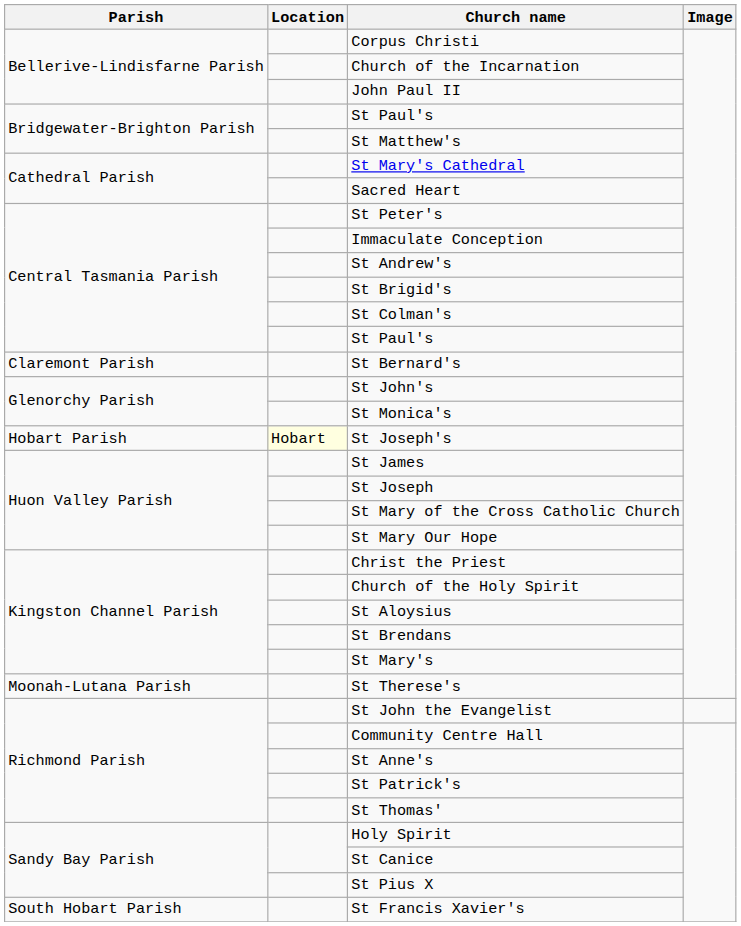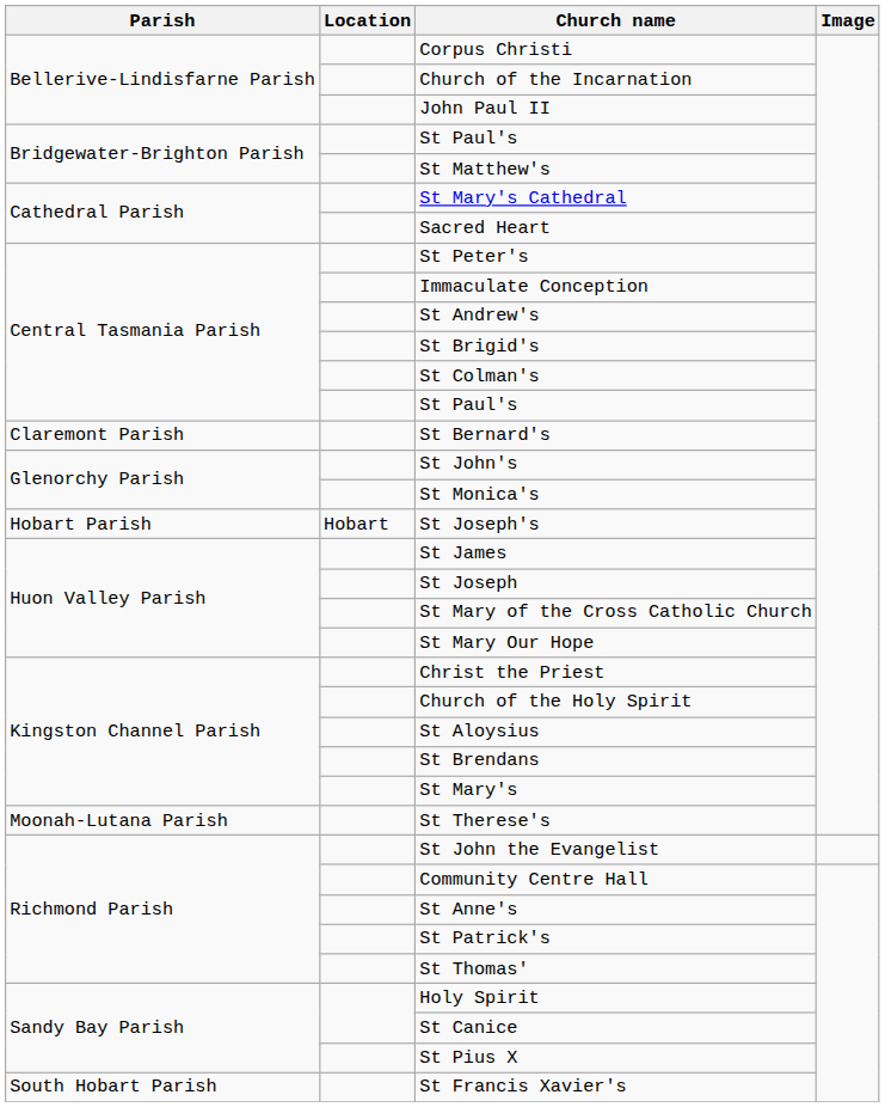 <table class="wikitable sortable">
 <tr>
 <th>Parish</th>
 <th>Location</th>
 <th>Church name</th>
 <th>Image</th>
 </tr>
 <tr>
 <td rowspan=3>Bellerive-Lindisfarne Parish</td>
 <td></td>
 <td>Corpus Christi</td>
 </tr>
 <tr>
 <td></td>
 <td>Church of the Incarnation</td>
 </tr>
 <tr>
 <td></td>
 <td>John Paul II</td>
 </tr>
 <tr>
 <td rowspan=2>Bridgewater-Brighton Parish</td>
 <td></td>
 <td>St Paul's</td>
 </tr>
 <tr>
 <td></td>
 <td>St Matthew's</td>
 </tr>
 <tr>
 <td rowspan=2>Cathedral Parish</td>
 <td></td>
 <td><a href='#'>St Mary's Cathedral</a></td>
 </tr>
 <tr>
 <td></td>
 <td>Sacred Heart</td>
 </tr>
 <tr>
 <td rowspan=6>Central Tasmania Parish</td>
 <td></td>
 <td>St Peter's</td>
 </tr>
 <tr>
 <td></td>
 <td>Immaculate Conception</td>
 </tr>
 <tr>
 <td></td>
 <td>St Andrew's</td>
 </tr>
 <tr>
 <td></td>
 <td>St Brigid's</td>
 </tr>
 <tr>
 <td></td>
 <td>St Colman's</td>
 </tr>
 <tr>
 <td></td>
 <td>St Paul's</td>
 </tr>
 <tr>
 <td>Claremont Parish</td>
 <td></td>
 <td>St Bernard's</td>
 </tr>
 <tr>
 <td rowspan=2>Glenorchy Parish</td>
 <td></td>
 <td>St John's</td>
 </tr>
 <tr>
 <td></td>
 <td>St Monica's</td>
 </tr>
 <tr>
 <td>Hobart Parish</td>
-<td style="background: lightyellow;">Hobart</td>
+<td>Hobart</td>
 <td>St Joseph's</td>
 </tr>
 <tr>
 <td rowspan=4>Huon Valley Parish</td>
 <td></td>
 <td>St James</td>
 </tr>
 <tr>
 <td></td>
 <td>St Joseph</td>
 </tr>
 <tr>
 <td></td>
 <td>St Mary of the Cross Catholic Church</td>
 </tr>
 <tr>
 <td></td>
 <td>St Mary Our Hope</td>
 </tr>
 <tr>
 <td rowspan=5>Kingston Channel Parish</td>
 <td></td>
 <td>Christ the Priest</td>
 </tr>
 <tr>
 <td></td>
 <td>Church of the Holy Spirit</td>
 </tr>
 <tr>
 <td></td>
 <td>St Aloysius</td>
 </tr>
 <tr>
 <td></td>
 <td>St Brendans</td>
 </tr>
 <tr>
 <td></td>
 <td>St Mary's</td>
 </tr>
 <tr>
 <td>Moonah-Lutana Parish</td>
 <td></td>
 <td>St Therese's</td>
 </tr>
 <tr>
 <td rowspan="5">Richmond Parish</td>
 <td></td>
 <td>St John the Evangelist</td>
 <td></td>
 </tr>
 <tr>
 <td></td>
 <td>Community Centre Hall</td>
 </tr>
 <tr>
 <td></td>
 <td>St Anne's</td>
 </tr>
 <tr>
 <td></td>
 <td>St Patrick's</td>
 </tr>
 <tr>
 <td></td>
 <td>St Thomas'</td>
 </tr>
 <tr>
 <td rowspan=3>Sandy Bay Parish</td>
 <td rowspan=2></td>
 <td>Holy Spirit</td>
 </tr>
 <tr>
 <td>St Canice</td>
 </tr>
 <tr>
 <td></td>
 <td>St Pius X</td>
 </tr>
 <tr>
 <td>South Hobart Parish</td>
 <td></td>
 <td>St Francis Xavier's</td>
 </tr>
 </table>
